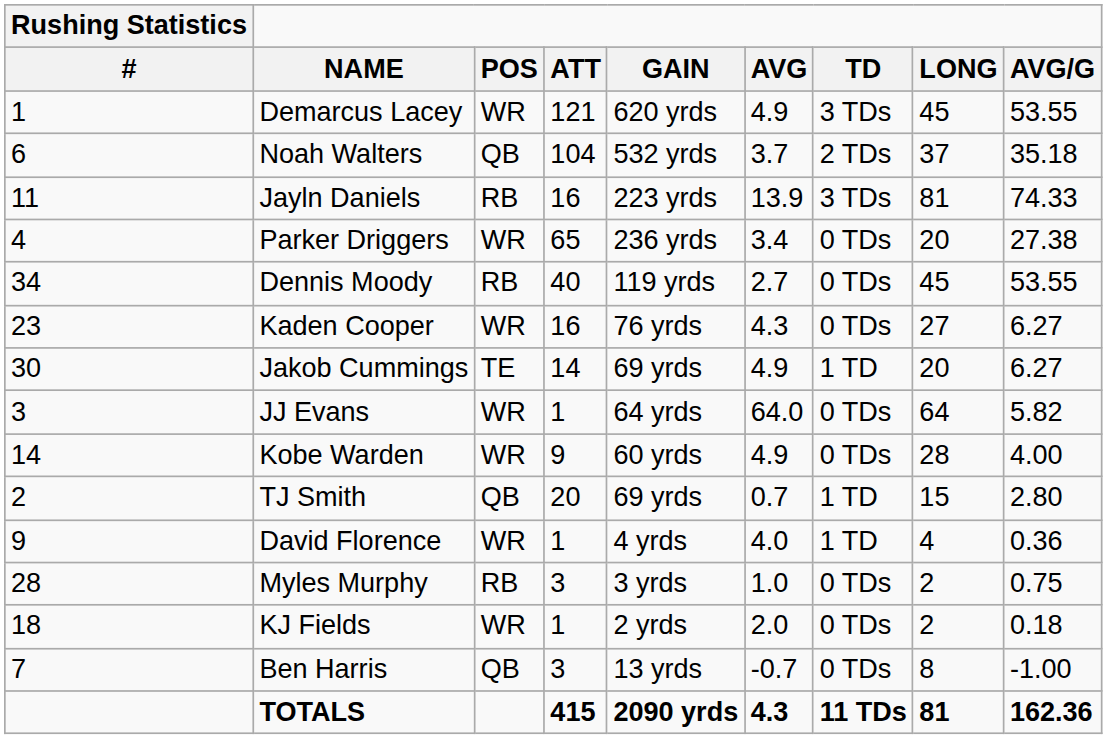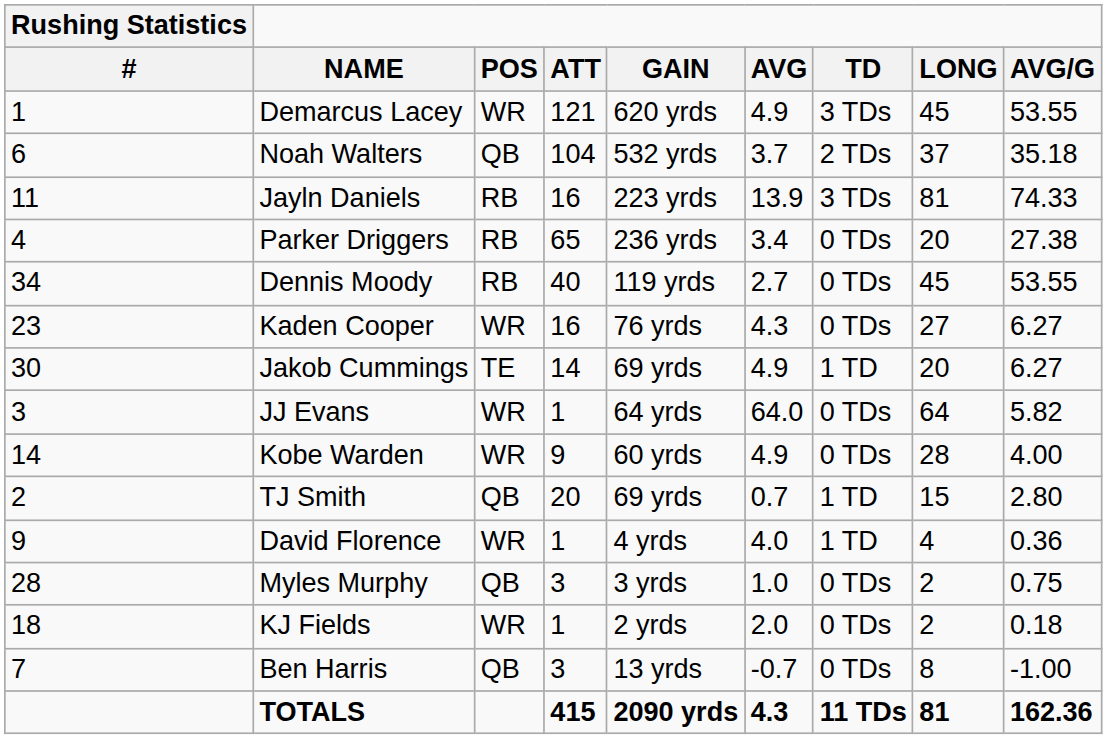 <table class="wikitable">
 <tr>
 <th style="text-align:center; ">Rushing Statistics</th>
 </tr>
 <tr>
 <th>#</th>
 <th>NAME</th>
 <th>POS</th>
 <th>ATT</th>
 <th>GAIN</th>
 <th>AVG</th>
 <th>TD</th>
 <th>LONG</th>
 <th>AVG/G</th>
 </tr>
 <tr>
 <td>1</td>
 <td>Demarcus Lacey</td>
 <td>WR</td>
 <td>121</td>
 <td>620 yrds</td>
 <td>4.9</td>
 <td>3 TDs</td>
 <td>45</td>
 <td>53.55</td>
 </tr>
 <tr>
 <td>6</td>
 <td>Noah Walters</td>
 <td>QB</td>
 <td>104</td>
 <td>532 yrds</td>
 <td>3.7</td>
 <td>2 TDs</td>
 <td>37</td>
 <td>35.18</td>
 </tr>
 <tr>
 <td>11</td>
 <td>Jayln Daniels</td>
 <td>RB</td>
 <td>16</td>
 <td>223 yrds</td>
 <td>13.9</td>
 <td>3 TDs</td>
 <td>81</td>
 <td>74.33</td>
 </tr>
 <tr>
 <td>4</td>
 <td>Parker Driggers</td>
-<td>WR</td>
+<td>RB</td>
 <td>65</td>
 <td>236 yrds</td>
 <td>3.4</td>
 <td>0 TDs</td>
 <td>20</td>
 <td>27.38</td>
 </tr>
 <tr>
 <td>34</td>
 <td>Dennis Moody</td>
 <td>RB</td>
 <td>40</td>
 <td>119 yrds</td>
 <td>2.7</td>
 <td>0 TDs</td>
 <td>45</td>
 <td>53.55</td>
 </tr>
 <tr>
 <td>23</td>
 <td>Kaden Cooper</td>
 <td>WR</td>
 <td>16</td>
 <td>76 yrds</td>
 <td>4.3</td>
 <td>0 TDs</td>
 <td>27</td>
 <td>6.27</td>
 </tr>
 <tr>
 <td>30</td>
 <td>Jakob Cummings</td>
 <td>TE</td>
 <td>14</td>
 <td>69 yrds</td>
 <td>4.9</td>
 <td>1 TD</td>
 <td>20</td>
 <td>6.27</td>
 </tr>
 <tr>
 <td>3</td>
 <td>JJ Evans</td>
 <td>WR</td>
 <td>1</td>
 <td>64 yrds</td>
 <td>64.0</td>
 <td>0 TDs</td>
 <td>64</td>
 <td>5.82</td>
 </tr>
 <tr>
 <td>14</td>
 <td>Kobe Warden</td>
 <td>WR</td>
 <td>9</td>
 <td>60 yrds</td>
 <td>4.9</td>
 <td>0 TDs</td>
 <td>28</td>
 <td>4.00</td>
 </tr>
 <tr>
 <td>2</td>
 <td>TJ Smith</td>
 <td>QB</td>
 <td>20</td>
 <td>69 yrds</td>
 <td>0.7</td>
 <td>1 TD</td>
 <td>15</td>
 <td>2.80</td>
 </tr>
 <tr>
 <td>9</td>
 <td>David Florence</td>
 <td>WR</td>
 <td>1</td>
 <td>4 yrds</td>
 <td>4.0</td>
 <td>1 TD</td>
 <td>4</td>
 <td>0.36</td>
 </tr>
 <tr>
 <td>28</td>
 <td>Myles Murphy</td>
-<td>RB</td>
+<td>QB</td>
 <td>3</td>
 <td>3 yrds</td>
 <td>1.0</td>
 <td>0 TDs</td>
 <td>2</td>
 <td>0.75</td>
 </tr>
 <tr>
 <td>18</td>
 <td>KJ Fields</td>
 <td>WR</td>
 <td>1</td>
 <td>2 yrds</td>
 <td>2.0</td>
 <td>0 TDs</td>
 <td>2</td>
 <td>0.18</td>
 </tr>
 <tr>
 <td>7</td>
 <td>Ben Harris</td>
 <td>QB</td>
 <td>3</td>
 <td>13 yrds</td>
 <td>-0.7</td>
 <td>0 TDs</td>
 <td>8</td>
 <td>-1.00</td>
 </tr>
 <tr>
 <td></td>
 <td><strong>TOTALS</strong></td>
 <td></td>
 <td><strong>415</strong></td>
 <td><strong>2090 yrds</strong></td>
 <td><strong>4.3</strong></td>
 <td><strong>11 TDs</strong></td>
 <td><strong>81</strong></td>
 <td><strong>162.36</strong></td>
 </tr>
 </table>
